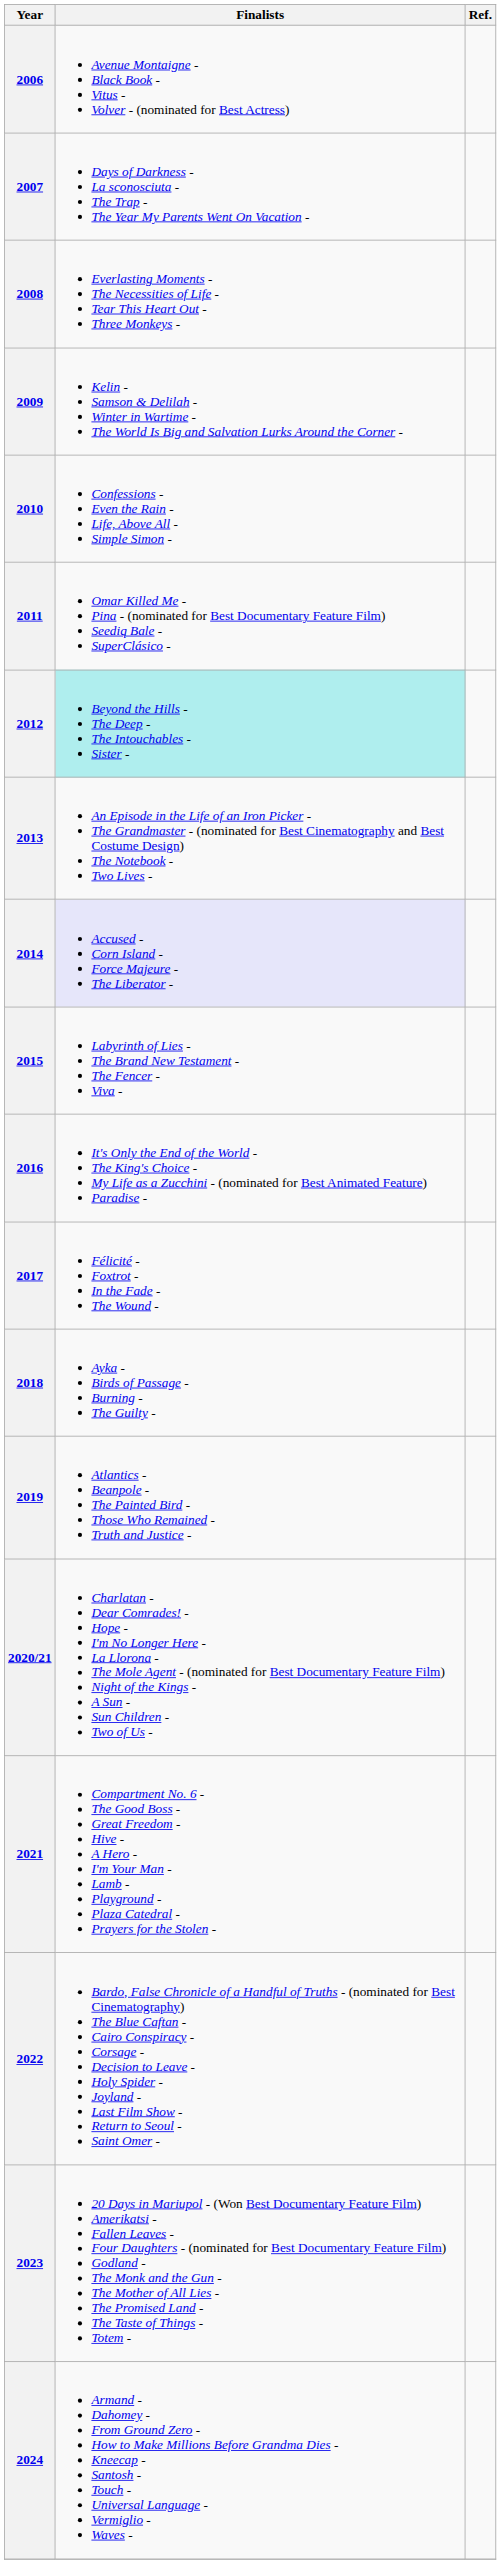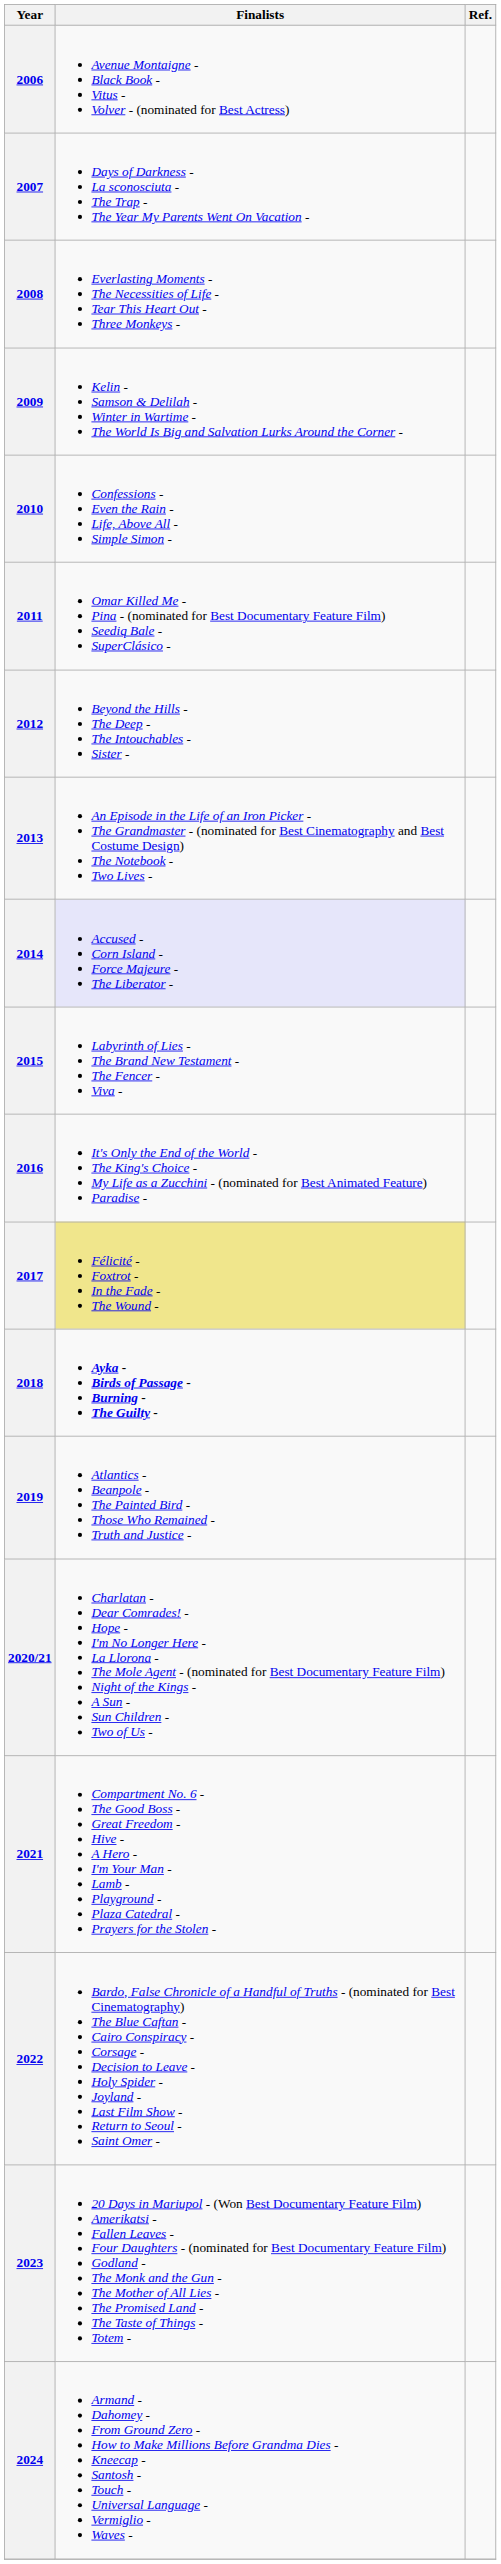 <table class="wikitable" style="width:95%">
 <tr bgcolor="#bebebe">
 <th width="5%">Year</th>
 <th width="80%">Finalists</th>
 <th width="5%">Ref.</th>
 </tr>
 <tr>
 <th scope="row" align="center"><a href='#'>2006</a></th>
 <td><br><ul><li><em><a href='#'>Avenue Montaigne</a></em> - </li><li><em><a href='#'>Black Book</a></em> - </li><li><em><a href='#'>Vitus</a></em> - </li><li><em><a href='#'>Volver</a></em> -  (nominated for <a href='#'>Best Actress</a>)</li></ul></td>
 <td></td>
 </tr>
 <tr>
 <th scope="row" align="center"><a href='#'>2007</a></th>
 <td><br><ul><li><em><a href='#'>Days of Darkness</a></em> - </li><li><em><a href='#'>La sconosciuta</a></em> - </li><li><em><a href='#'>The Trap</a></em> - </li><li><em><a href='#'>The Year My Parents Went On Vacation</a></em> - </li></ul></td>
 <td></td>
 </tr>
 <tr>
 <th scope="row" align="center"><a href='#'>2008</a></th>
 <td><br><ul><li><em><a href='#'>Everlasting Moments</a></em> - </li><li><em><a href='#'>The Necessities of Life</a></em> - </li><li><em><a href='#'>Tear This Heart Out</a></em> - </li><li><em><a href='#'>Three Monkeys</a></em> - </li></ul></td>
 <td></td>
 </tr>
 <tr>
 <th scope="row" align="center"><a href='#'>2009</a></th>
 <td><br><ul><li><em><a href='#'>Kelin</a></em> - </li><li><em><a href='#'>Samson & Delilah</a></em> - </li><li><em><a href='#'>Winter in Wartime</a></em> - </li><li><em><a href='#'>The World Is Big and Salvation Lurks Around the Corner</a></em> - </li></ul></td>
 <td></td>
 </tr>
 <tr>
 <th scope="row" align="center"><a href='#'>2010</a></th>
 <td><br><ul><li><em><a href='#'>Confessions</a></em> - </li><li><em><a href='#'>Even the Rain</a></em> - </li><li><em><a href='#'>Life, Above All</a></em> - </li><li><em><a href='#'>Simple Simon</a></em> - </li></ul></td>
 <td></td>
 </tr>
 <tr>
 <th scope="row" align="center"><a href='#'>2011</a></th>
 <td><br><ul><li><em><a href='#'>Omar Killed Me</a></em> - </li><li><em><a href='#'>Pina</a></em> -  (nominated for <a href='#'>Best Documentary Feature Film</a>)</li><li><em><a href='#'>Seediq Bale</a></em> - </li><li><em><a href='#'>SuperClásico</a></em> - </li></ul></td>
 <td></td>
 </tr>
 <tr>
 <th scope="row" align="center"><a href='#'>2012</a></th>
-<td style="background: paleturquoise;"><br><ul><li><em><a href='#'>Beyond the Hills</a></em> - </li><li><em><a href='#'>The Deep</a></em> - </li><li><em><a href='#'>The Intouchables</a></em> - </li><li><em><a href='#'>Sister</a></em> - </li></ul></td>
+<td><br><ul><li><em><a href='#'>Beyond the Hills</a></em> - </li><li><em><a href='#'>The Deep</a></em> - </li><li><em><a href='#'>The Intouchables</a></em> - </li><li><em><a href='#'>Sister</a></em> - </li></ul></td>
 <td></td>
 </tr>
 <tr>
 <th scope="row" align="center"><a href='#'>2013</a></th>
 <td><br><ul><li><em><a href='#'>An Episode in the Life of an Iron Picker</a></em> - </li><li><em><a href='#'>The Grandmaster</a></em> -  (nominated for <a href='#'>Best Cinematography</a> and <a href='#'>Best Costume Design</a>)</li><li><em><a href='#'>The Notebook</a></em> - </li><li><em><a href='#'>Two Lives</a></em> - </li></ul></td>
 <td></td>
 </tr>
 <tr>
 <th scope="row" align="center"><a href='#'>2014</a></th>
 <td style="background: lavender;"><br><ul><li><em><a href='#'>Accused</a></em> - </li><li><em><a href='#'>Corn Island</a></em> - </li><li><em><a href='#'>Force Majeure</a></em> - </li><li><em><a href='#'>The Liberator</a></em> - </li></ul></td>
 <td></td>
 </tr>
 <tr>
 <th scope="row" align="center"><a href='#'>2015</a></th>
 <td><br><ul><li><em><a href='#'>Labyrinth of Lies</a></em> - </li><li><em><a href='#'>The Brand New Testament</a></em> - </li><li><em><a href='#'>The Fencer</a></em> - </li><li><em><a href='#'>Viva</a></em> - </li></ul></td>
 <td></td>
 </tr>
 <tr>
 <th scope="row" align="center"><a href='#'>2016</a></th>
 <td><br><ul><li><em><a href='#'>It's Only the End of the World</a></em> - </li><li><em><a href='#'>The King's Choice</a></em> - </li><li><em><a href='#'>My Life as a Zucchini</a></em> -  (nominated for <a href='#'>Best Animated Feature</a>)</li><li><em><a href='#'>Paradise</a></em> - </li></ul></td>
 <td></td>
 </tr>
 <tr>
 <th scope="row" align="center"><a href='#'>2017</a></th>
-<td><br><ul><li><em><a href='#'>Félicité</a></em> - </li><li><em><a href='#'>Foxtrot</a></em> - </li><li><em><a href='#'>In the Fade</a></em> - </li><li><em><a href='#'>The Wound</a></em> - </li></ul></td>
+<td style="background: khaki;"><br><ul><li><em><a href='#'>Félicité</a></em> - </li><li><em><a href='#'>Foxtrot</a></em> - </li><li><em><a href='#'>In the Fade</a></em> - </li><li><em><a href='#'>The Wound</a></em> - </li></ul></td>
 <td></td>
 </tr>
 <tr>
 <th scope="row" align="center"><a href='#'>2018</a></th>
-<td><br><ul><li><em><a href='#'>Ayka</a></em> - </li><li><em><a href='#'>Birds of Passage</a></em> - </li><li><em><a href='#'>Burning</a></em> - </li><li><em><a href='#'>The Guilty</a></em> - </li></ul></td>
+<td><strong><br><ul><li><em><a href='#'>Ayka</a></em> - </li><li><em><a href='#'>Birds of Passage</a></em> - </li><li><em><a href='#'>Burning</a></em> - </li><li><em><a href='#'>The Guilty</a></em> - </li></ul></strong></td>
 <td></td>
 </tr>
 <tr>
 <th scope="row" align="center"><a href='#'>2019</a></th>
 <td><br><ul><li><em><a href='#'>Atlantics</a></em> - </li><li><em><a href='#'>Beanpole</a></em> - </li><li><em><a href='#'>The Painted Bird</a></em> - </li><li><em><a href='#'>Those Who Remained</a></em> - </li><li><em><a href='#'>Truth and Justice</a></em> - </li></ul></td>
 <td></td>
 </tr>
 <tr>
 <th scope="row" align="center"><a href='#'>2020/21</a></th>
 <td><br><ul><li><em><a href='#'>Charlatan</a></em> - </li><li><em><a href='#'>Dear Comrades!</a></em> - </li><li><em><a href='#'>Hope</a></em> - </li><li><em><a href='#'>I'm No Longer Here</a></em> - </li><li><em><a href='#'>La Llorona</a></em> - </li><li><em><a href='#'>The Mole Agent</a></em> -  (nominated for <a href='#'>Best Documentary Feature Film</a>)</li><li><em><a href='#'>Night of the Kings</a></em> - </li><li><em><a href='#'>A Sun</a></em> - </li><li><em><a href='#'>Sun Children</a></em> - </li><li><em><a href='#'>Two of Us</a></em> - </li></ul></td>
 <td></td>
 </tr>
 <tr>
 <th scope="row" align="center"><a href='#'>2021</a></th>
 <td><br><ul><li><em><a href='#'>Compartment No. 6</a></em> - </li><li><em><a href='#'>The Good Boss</a></em> - </li><li><em><a href='#'>Great Freedom</a></em> - </li><li><em><a href='#'>Hive</a></em> - </li><li><em><a href='#'>A Hero</a></em> - </li><li><em><a href='#'>I'm Your Man</a></em> - </li><li><em><a href='#'>Lamb</a></em> - </li><li><em><a href='#'>Playground</a></em> - </li><li><em><a href='#'>Plaza Catedral</a></em> - </li><li><em><a href='#'>Prayers for the Stolen</a></em> - </li></ul></td>
 <td></td>
 </tr>
 <tr>
 <th scope="row" align="center"><a href='#'>2022</a></th>
 <td><br><ul><li><em><a href='#'>Bardo, False Chronicle of a Handful of Truths</a></em> -  (nominated for <a href='#'>Best Cinematography</a>)</li><li><em><a href='#'>The Blue Caftan</a></em> - </li><li><em><a href='#'>Cairo Conspiracy</a></em> - </li><li><em><a href='#'>Corsage</a></em> - </li><li><em><a href='#'>Decision to Leave</a></em> - </li><li><em><a href='#'>Holy Spider</a></em> - </li><li><em><a href='#'>Joyland</a></em> - </li><li><em><a href='#'>Last Film Show</a></em> - </li><li><em><a href='#'>Return to Seoul</a></em> - </li><li><em><a href='#'>Saint Omer</a></em> - </li></ul></td>
 <td></td>
 </tr>
 <tr>
 <th><a href='#'>2023</a></th>
 <td><br><ul><li><em><a href='#'>20 Days in Mariupol</a></em> -  (Won <a href='#'>Best Documentary Feature Film</a>)</li><li><em><a href='#'>Amerikatsi</a></em> - </li><li><em><a href='#'>Fallen Leaves</a></em> - </li><li><em><a href='#'>Four Daughters</a></em> -  (nominated for <a href='#'>Best Documentary Feature Film</a>)</li><li><em><a href='#'>Godland</a></em> - </li><li><em><a href='#'>The Monk and the Gun</a></em> - </li><li><em><a href='#'>The Mother of All Lies</a></em> - </li><li><em><a href='#'>The Promised Land</a></em> - </li><li><em><a href='#'>The Taste of Things</a></em> - </li><li><em><a href='#'>Totem</a></em> - </li></ul></td>
 <td></td>
 </tr>
 <tr>
 <th><a href='#'>2024</a></th>
 <td><br><ul><li><em><a href='#'>Armand</a></em> - </li><li><em><a href='#'>Dahomey</a></em> - </li><li><em><a href='#'>From Ground Zero</a></em> - </li><li><em><a href='#'>How to Make Millions Before Grandma Dies</a></em> - </li><li><em><a href='#'>Kneecap</a></em> - </li><li><em><a href='#'>Santosh</a></em> - </li><li><em><a href='#'>Touch</a></em> - </li><li><em><a href='#'>Universal Language</a></em> - </li><li><em><a href='#'>Vermiglio</a></em> - </li><li><em><a href='#'>Waves</a></em> - </li></ul></td>
 <td></td>
 </tr>
 <tr>
 </tr>
 </table>
